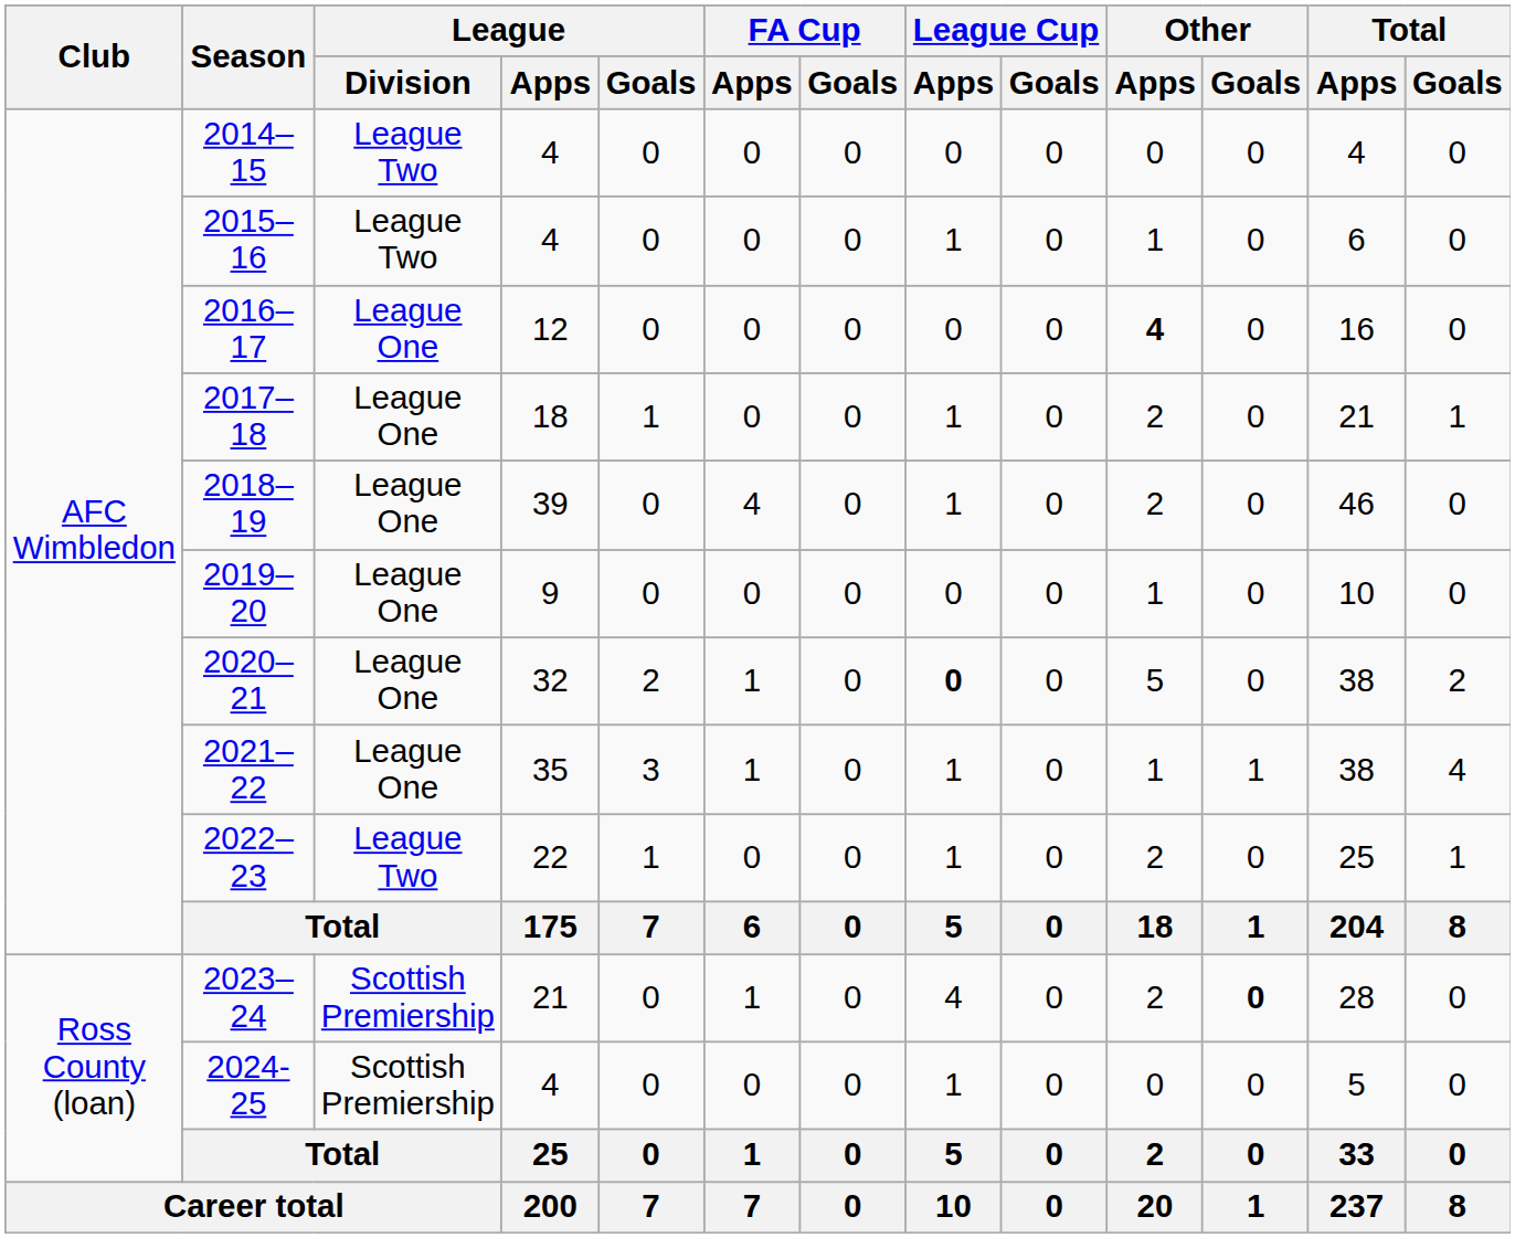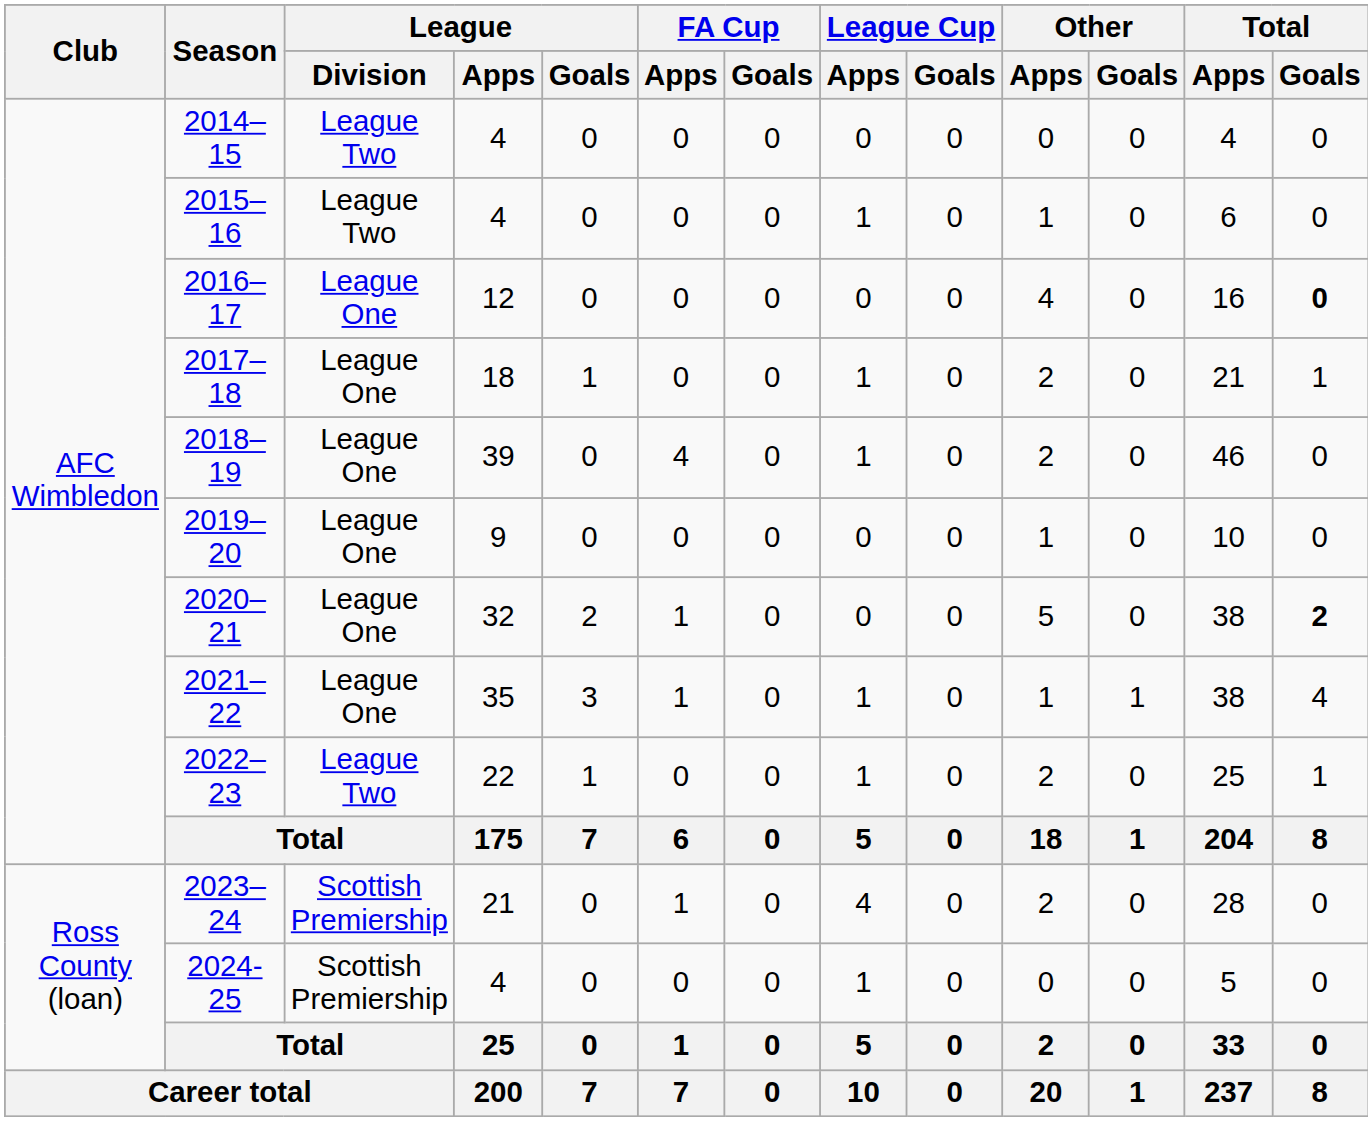 <table class=wikitable style=text-align:center>
 <tr>
 <th rowspan=2>Club</th>
 <th rowspan=2>Season</th>
 <th colspan=3>League</th>
 <th colspan=2><a href='#'>FA Cup</a></th>
 <th colspan=2><a href='#'>League Cup</a></th>
 <th colspan=2>Other</th>
 <th colspan=2>Total</th>
 </tr>
 <tr>
 <th>Division</th>
 <th>Apps</th>
 <th>Goals</th>
 <th>Apps</th>
 <th>Goals</th>
 <th>Apps</th>
 <th>Goals</th>
 <th>Apps</th>
 <th>Goals</th>
 <th>Apps</th>
 <th>Goals</th>
 </tr>
 <tr>
 <td rowspan="10"><a href='#'>AFC Wimbledon</a></td>
 <td><a href='#'>2014–15</a></td>
 <td><a href='#'>League Two</a></td>
 <td>4</td>
 <td>0</td>
 <td>0</td>
 <td>0</td>
 <td>0</td>
 <td>0</td>
 <td>0</td>
 <td>0</td>
 <td>4</td>
 <td>0</td>
 </tr>
 <tr>
 <td><a href='#'>2015–16</a></td>
 <td>League Two</td>
 <td>4</td>
 <td>0</td>
 <td>0</td>
 <td>0</td>
 <td>1</td>
 <td>0</td>
 <td>1</td>
 <td>0</td>
 <td>6</td>
 <td>0</td>
 </tr>
 <tr>
 <td><a href='#'>2016–17</a></td>
 <td><a href='#'>League One</a></td>
 <td>12</td>
 <td>0</td>
 <td>0</td>
 <td>0</td>
 <td>0</td>
 <td>0</td>
-<td><strong>4</strong></td>
+<td>4</td>
 <td>0</td>
 <td>16</td>
-<td>0</td>
+<td><strong>0</strong></td>
 </tr>
 <tr>
 <td><a href='#'>2017–18</a></td>
 <td>League One</td>
 <td>18</td>
 <td>1</td>
 <td>0</td>
 <td>0</td>
 <td>1</td>
 <td>0</td>
 <td>2</td>
 <td>0</td>
 <td>21</td>
 <td>1</td>
 </tr>
 <tr>
 <td><a href='#'>2018–19</a></td>
 <td>League One</td>
 <td>39</td>
 <td>0</td>
 <td>4</td>
 <td>0</td>
 <td>1</td>
 <td>0</td>
 <td>2</td>
 <td>0</td>
 <td>46</td>
 <td>0</td>
 </tr>
 <tr>
 <td><a href='#'>2019–20</a></td>
 <td>League One</td>
 <td>9</td>
 <td>0</td>
 <td>0</td>
 <td>0</td>
 <td>0</td>
 <td>0</td>
 <td>1</td>
 <td>0</td>
 <td>10</td>
 <td>0</td>
 </tr>
 <tr>
 <td><a href='#'>2020–21</a></td>
 <td>League One</td>
 <td>32</td>
 <td>2</td>
 <td>1</td>
 <td>0</td>
-<td><strong>0</strong></td>
+<td>0</td>
 <td>0</td>
 <td>5</td>
 <td>0</td>
 <td>38</td>
-<td>2</td>
+<td><strong>2</strong></td>
 </tr>
 <tr>
 <td><a href='#'>2021–22</a></td>
 <td>League One</td>
 <td>35</td>
 <td>3</td>
 <td>1</td>
 <td>0</td>
 <td>1</td>
 <td>0</td>
 <td>1</td>
 <td>1</td>
 <td>38</td>
 <td>4</td>
 </tr>
 <tr>
 <td><a href='#'>2022–23</a></td>
 <td><a href='#'>League Two</a></td>
 <td>22</td>
 <td>1</td>
 <td>0</td>
 <td>0</td>
 <td>1</td>
 <td>0</td>
 <td>2</td>
 <td>0</td>
 <td>25</td>
 <td>1</td>
 </tr>
 <tr>
 <th colspan="2">Total</th>
 <th>175</th>
 <th>7</th>
 <th>6</th>
 <th>0</th>
 <th>5</th>
 <th>0</th>
 <th>18</th>
 <th>1</th>
 <th>204</th>
 <th>8</th>
 </tr>
 <tr>
 <td rowspan="3"><a href='#'>Ross County</a> (loan)</td>
 <td><a href='#'>2023–24</a></td>
 <td><a href='#'>Scottish Premiership</a></td>
 <td>21</td>
 <td>0</td>
 <td>1</td>
 <td>0</td>
 <td>4</td>
 <td>0</td>
 <td>2</td>
-<td><strong>0</strong></td>
+<td>0</td>
 <td>28</td>
 <td>0</td>
 </tr>
 <tr>
 <td><a href='#'>2024-25</a></td>
 <td>Scottish Premiership</td>
 <td>4</td>
 <td>0</td>
 <td>0</td>
 <td>0</td>
 <td>1</td>
 <td>0</td>
 <td>0</td>
 <td>0</td>
 <td>5</td>
 <td>0</td>
 </tr>
 <tr>
 <th colspan="2">Total</th>
 <th>25</th>
 <th>0</th>
 <th>1</th>
 <th>0</th>
 <th>5</th>
 <th>0</th>
 <th>2</th>
 <th>0</th>
 <th>33</th>
 <th>0</th>
 </tr>
 <tr>
 <th colspan="3">Career total</th>
 <th>200</th>
 <th>7</th>
 <th>7</th>
 <th>0</th>
 <th>10</th>
 <th>0</th>
 <th>20</th>
 <th>1</th>
 <th>237</th>
 <th>8</th>
 </tr>
 </table>
